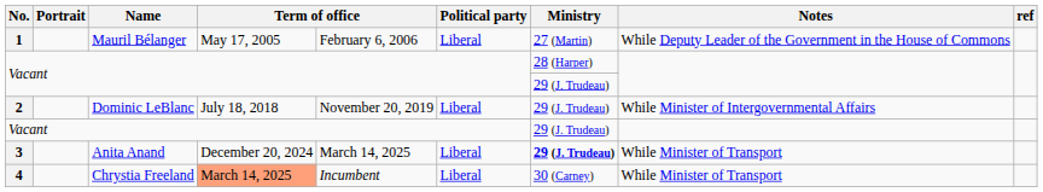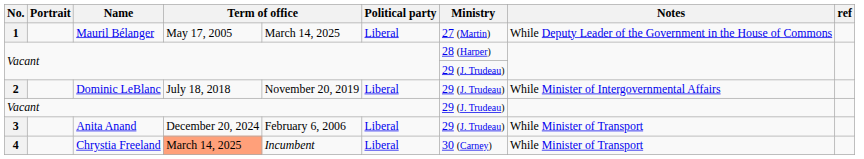 <table class="wikitable">
 <tr>
 <th>No.</th>
 <th>Portrait</th>
 <th>Name</th>
 <th colspan=2>Term of office</th>
 <th>Political party</th>
 <th>Ministry</th>
 <th>Notes</th>
 <th>ref</th>
 </tr>
 <tr>
 <th style="background:">1</th>
 <td></td>
 <td><a href='#'>Mauril Bélanger</a></td>
 <td>May 17, 2005</td>
-<td>February 6, 2006</td>
+<td>March 14, 2025</td>
 <td><a href='#'>Liberal</a></td>
 <td><a href='#'>27</a> <small>(<a href='#'>Martin</a>)</small></td>
 <td>While <a href='#'>Deputy Leader of the Government in the House of Commons</a></td>
 <td></td>
 </tr>
 <tr>
 <td colspan="6" rowspan="2"><em>Vacant</em></td>
 <td><a href='#'>28</a> <small>(<a href='#'>Harper</a>)</small></td>
 <td rowspan="2"></td>
 <td rowspan="2"></td>
 </tr>
 <tr>
 <td><a href='#'>29</a> <small>(<a href='#'>J. Trudeau</a>)</small></td>
 </tr>
 <tr>
 <th style="background:">2</th>
 <td align=center></td>
 <td><a href='#'>Dominic LeBlanc</a></td>
 <td>July 18, 2018</td>
 <td>November 20, 2019</td>
 <td><a href='#'>Liberal</a></td>
 <td><a href='#'>29</a> <small>(<a href='#'>J. Trudeau</a>)</small></td>
 <td>While <a href='#'>Minister of Intergovernmental Affairs</a></td>
 <td></td>
 </tr>
 <tr>
 <td colspan="6" rowspan="1"><em>Vacant</em></td>
 <td><a href='#'>29</a> <small>(<a href='#'>J. Trudeau</a>)</small></td>
 <td></td>
 </tr>
 <tr>
 <th style="background:">3</th>
 <td align=center></td>
 <td><a href='#'>Anita Anand</a></td>
 <td>December 20, 2024</td>
-<td>March 14, 2025</td>
+<td>February 6, 2006</td>
 <td><a href='#'>Liberal</a></td>
-<td><strong><a href='#'>29</a> <small>(<a href='#'>J. Trudeau</a>)</small></strong></td>
+<td><a href='#'>29</a> <small>(<a href='#'>J. Trudeau</a>)</small></td>
 <td>While <a href='#'>Minister of Transport</a></td>
 <td></td>
 </tr>
 <tr>
 <th style="background:">4</th>
 <td align=center></td>
 <td><a href='#'>Chrystia Freeland</a></td>
 <td style="background: lightsalmon;">March 14, 2025</td>
 <td><em>Incumbent</em></td>
 <td><a href='#'>Liberal</a></td>
 <td><a href='#'>30</a> <small>(<a href='#'>Carney</a>)</small></td>
 <td>While <a href='#'>Minister of Transport</a></td>
 <td></td>
 </tr>
 </table>
